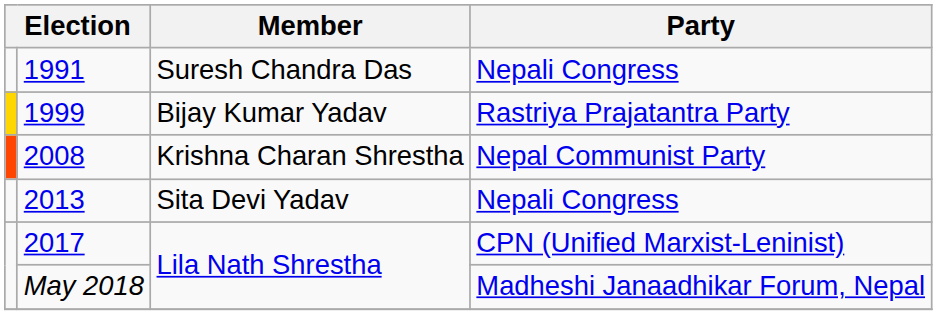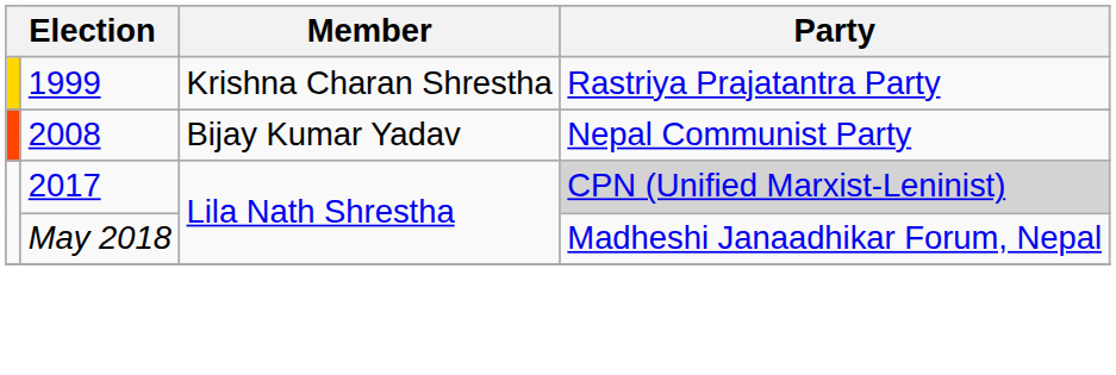 <table class="wikitable">
 <tr>
 <th colspan="2">Election</th>
 <th>Member</th>
 <th>Party</th>
 </tr>
 <tr>
-<td style="background-color:"></td>
-<td><a href='#'>1991</a></td>
-<td>Suresh Chandra Das</td>
-<td><a href='#'>Nepali Congress</a></td>
-</tr>
-<tr>
 <td style="background-color:gold"></td>
 <td><a href='#'>1999</a></td>
-<td>Bijay Kumar Yadav</td>
+<td>Krishna Charan Shrestha</td>
 <td><a href='#'>Rastriya Prajatantra Party</a></td>
 </tr>
 <tr>
 <td style="background-color:orangered"></td>
 <td><a href='#'>2008</a></td>
-<td>Krishna Charan Shrestha</td>
+<td>Bijay Kumar Yadav</td>
 <td><a href='#'>Nepal Communist Party</a></td>
-</tr>
-<tr>
-<td style="background-color:"></td>
-<td><a href='#'>2013</a></td>
-<td>Sita Devi Yadav</td>
-<td><a href='#'>Nepali Congress</a></td>
 </tr>
 <tr>
 <td rowspan="2" style="background-color:"></td>
 <td><a href='#'>2017</a></td>
 <td rowspan="2"><a href='#'>Lila Nath Shrestha</a></td>
-<td><a href='#'>CPN (Unified Marxist-Leninist)</a></td>
+<td style="background: lightgrey;"><a href='#'>CPN (Unified Marxist-Leninist)</a></td>
 </tr>
 <tr>
 <td><em>May 2018</em></td>
 <td><a href='#'>Madheshi Janaadhikar Forum, Nepal</a></td>
 </tr>
 <tr>
 </tr>
 </table>
